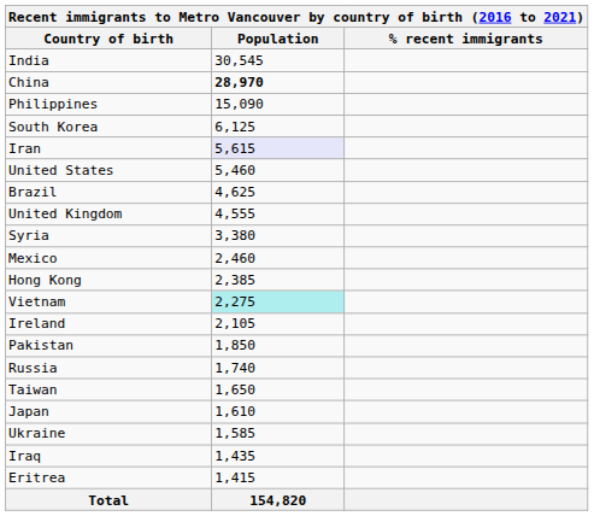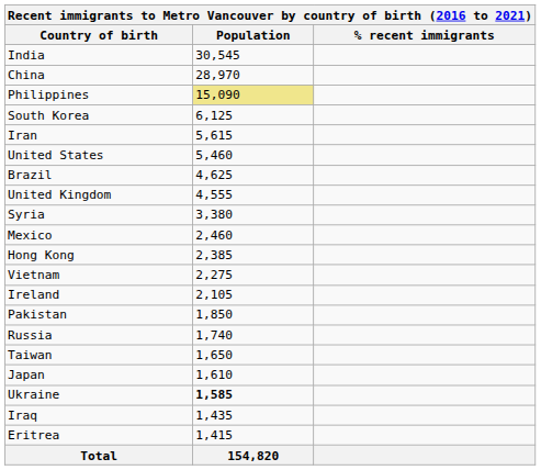 <table class="wikitable">
 <tr>
 <th colspan="3">Recent immigrants to Metro Vancouver by country of birth (<a href='#'>2016</a> to <a href='#'>2021</a>)</th>
 </tr>
 <tr>
 <th>Country of birth</th>
 <th>Population</th>
 <th>% recent immigrants</th>
 </tr>
 <tr>
 <td>India</td>
 <td>30,545</td>
 <td></td>
 </tr>
 <tr>
 <td>China</td>
-<td><strong>28,970</strong></td>
+<td>28,970</td>
 <td></td>
 </tr>
 <tr>
 <td>Philippines</td>
-<td>15,090</td>
+<td style="background: khaki;">15,090</td>
 <td></td>
 </tr>
 <tr>
 <td>South Korea</td>
 <td>6,125</td>
 <td></td>
 </tr>
 <tr>
 <td>Iran</td>
-<td style="background: lavender;">5,615</td>
+<td>5,615</td>
 <td></td>
 </tr>
 <tr>
 <td>United States</td>
 <td>5,460</td>
 <td></td>
 </tr>
 <tr>
 <td>Brazil</td>
 <td>4,625</td>
 <td></td>
 </tr>
 <tr>
 <td>United Kingdom</td>
 <td>4,555</td>
 <td></td>
 </tr>
 <tr>
 <td>Syria</td>
 <td>3,380</td>
 <td></td>
 </tr>
 <tr>
 <td>Mexico</td>
 <td>2,460</td>
 <td></td>
 </tr>
 <tr>
 <td>Hong Kong</td>
 <td>2,385</td>
 <td></td>
 </tr>
 <tr>
 <td>Vietnam</td>
-<td style="background: paleturquoise;">2,275</td>
+<td>2,275</td>
 <td></td>
 </tr>
 <tr>
 <td>Ireland</td>
 <td>2,105</td>
 <td></td>
 </tr>
 <tr>
 <td>Pakistan</td>
 <td>1,850</td>
 <td></td>
 </tr>
 <tr>
 <td>Russia</td>
 <td>1,740</td>
 <td></td>
 </tr>
 <tr>
 <td>Taiwan</td>
 <td>1,650</td>
 <td></td>
 </tr>
 <tr>
 <td>Japan</td>
 <td>1,610</td>
 <td></td>
 </tr>
 <tr>
 <td>Ukraine</td>
-<td>1,585</td>
+<td><strong>1,585</strong></td>
 <td></td>
 </tr>
 <tr>
 <td>Iraq</td>
 <td>1,435</td>
 <td></td>
 </tr>
 <tr>
 <td>Eritrea</td>
 <td>1,415</td>
 <td></td>
 </tr>
 <tr>
 <th>Total</th>
 <th>154,820</th>
 <th></th>
 </tr>
 </table>
